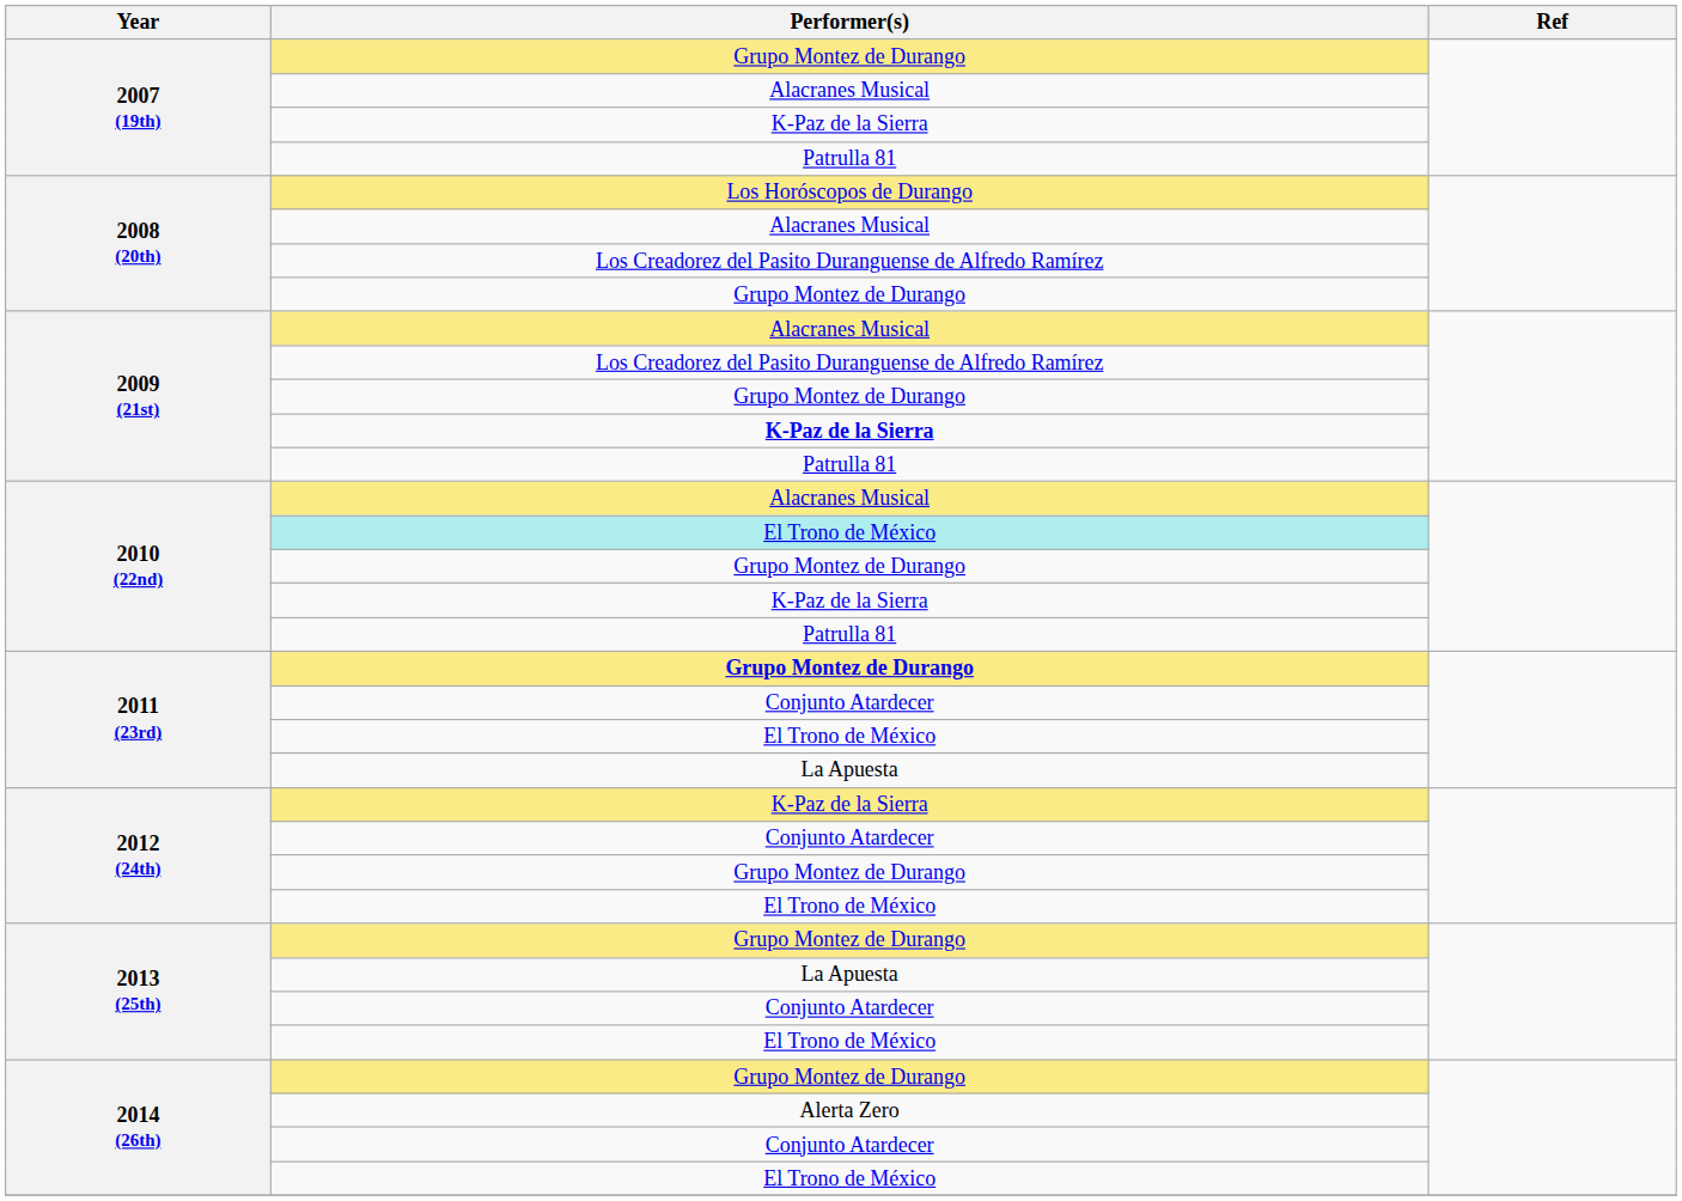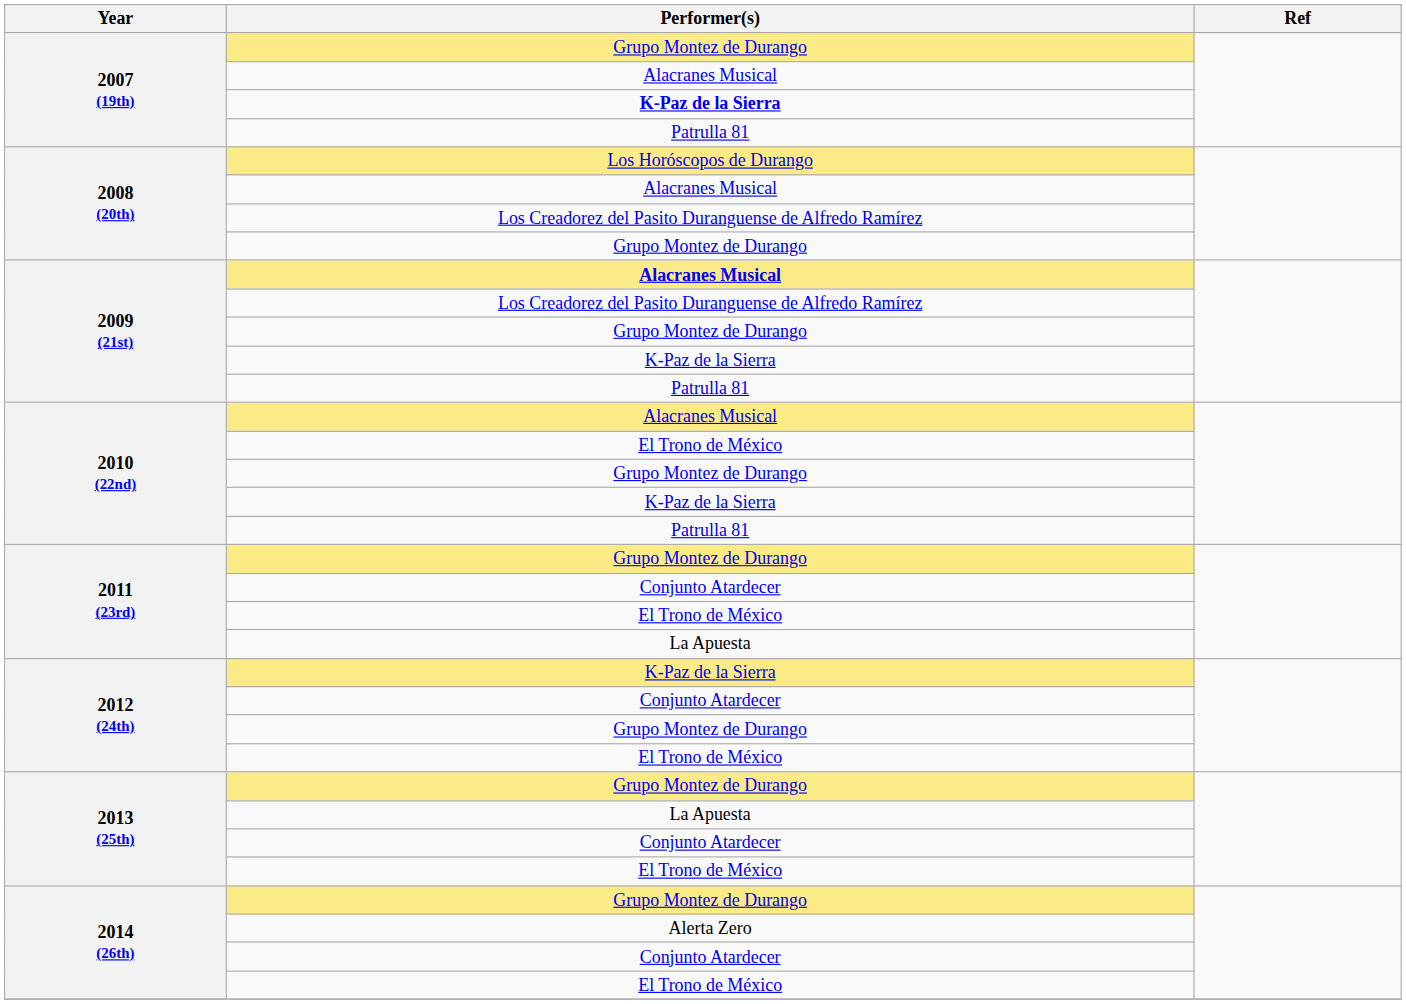 <table class="wikitable sortable plainrowheaders" style="text-align:center;">
 <tr style="background:#bebebe;">
 <th scope="col" style="width:1%;">Year</th>
 <th scope="col" style="width:5%;">Performer(s)</th>
 <th scope="col" style="width:1%;" class="unsortable">Ref</th>
 </tr>
 <tr>
 <th scope="row" rowspan=4 style="text-align:center">2007 <br><small><a href='#'>(19th)</a></small></th>
 <td style="background:#FAEB86"><a href='#'>Grupo Montez de Durango</a></td>
 <td rowspan=4></td>
 </tr>
 <tr>
 <td><a href='#'>Alacranes Musical</a></td>
 </tr>
 <tr>
-<td><a href='#'>K-Paz de la Sierra</a></td>
+<td><strong><a href='#'>K-Paz de la Sierra</a></strong></td>
 </tr>
 <tr>
 <td><a href='#'>Patrulla 81</a></td>
 </tr>
 <tr>
 <th scope="row" rowspan=4 style="text-align:center">2008 <br><small><a href='#'>(20th)</a></small></th>
 <td style="background:#FAEB86"><a href='#'>Los Horóscopos de Durango</a></td>
 <td rowspan=4></td>
 </tr>
 <tr>
 <td><a href='#'>Alacranes Musical</a></td>
 </tr>
 <tr>
 <td><a href='#'>Los Creadorez del Pasito Duranguense de Alfredo Ramírez</a></td>
 </tr>
 <tr>
 <td><a href='#'>Grupo Montez de Durango</a></td>
 </tr>
 <tr>
 <th scope="row" rowspan=5 style="text-align:center">2009 <br><small><a href='#'>(21st)</a></small></th>
-<td style="background:#FAEB86"><a href='#'>Alacranes Musical</a></td>
+<td style="background:#FAEB86"><strong><a href='#'>Alacranes Musical</a></strong></td>
 <td rowspan=5></td>
 </tr>
 <tr>
 <td><a href='#'>Los Creadorez del Pasito Duranguense de Alfredo Ramírez</a></td>
 </tr>
 <tr>
 <td><a href='#'>Grupo Montez de Durango</a></td>
 </tr>
 <tr>
-<td><strong><a href='#'>K-Paz de la Sierra</a></strong></td>
+<td><a href='#'>K-Paz de la Sierra</a></td>
 </tr>
 <tr>
 <td><a href='#'>Patrulla 81</a></td>
 </tr>
 <tr>
 <th scope="row" rowspan=5 style="text-align:center">2010 <br><small><a href='#'>(22nd)</a></small></th>
 <td style="background:#FAEB86"><a href='#'>Alacranes Musical</a></td>
 <td rowspan=5></td>
 </tr>
 <tr>
-<td style="background: paleturquoise;"><a href='#'>El Trono de México</a></td>
+<td><a href='#'>El Trono de México</a></td>
 </tr>
 <tr>
 <td><a href='#'>Grupo Montez de Durango</a></td>
 </tr>
 <tr>
 <td><a href='#'>K-Paz de la Sierra</a></td>
 </tr>
 <tr>
 <td><a href='#'>Patrulla 81</a></td>
 </tr>
 <tr>
 <th scope="row" rowspan=4 style="text-align:center">2011 <br><small><a href='#'>(23rd)</a></small></th>
-<td style="background:#FAEB86"><strong><a href='#'>Grupo Montez de Durango</a></strong></td>
+<td style="background:#FAEB86"><a href='#'>Grupo Montez de Durango</a></td>
 <td rowspan=4></td>
 </tr>
 <tr>
 <td><a href='#'>Conjunto Atardecer</a></td>
 </tr>
 <tr>
 <td><a href='#'>El Trono de México</a></td>
 </tr>
 <tr>
 <td>La Apuesta</td>
 </tr>
 <tr>
 <th scope="row" rowspan=4 style="text-align:center">2012 <br><small><a href='#'>(24th)</a></small></th>
 <td style="background:#FAEB86"><a href='#'>K-Paz de la Sierra</a></td>
 <td rowspan=4></td>
 </tr>
 <tr>
 <td><a href='#'>Conjunto Atardecer</a></td>
 </tr>
 <tr>
 <td><a href='#'>Grupo Montez de Durango</a></td>
 </tr>
 <tr>
 <td><a href='#'>El Trono de México</a></td>
 </tr>
 <tr>
 <th scope="row" rowspan=4 style="text-align:center">2013 <br><small><a href='#'>(25th)</a></small></th>
 <td style="background:#FAEB86"><a href='#'>Grupo Montez de Durango</a></td>
 <td rowspan=4></td>
 </tr>
 <tr>
 <td>La Apuesta</td>
 </tr>
 <tr>
 <td><a href='#'>Conjunto Atardecer</a></td>
 </tr>
 <tr>
 <td><a href='#'>El Trono de México</a></td>
 </tr>
 <tr>
 <th scope="row" rowspan=4 style="text-align:center">2014 <br><small><a href='#'>(26th)</a></small></th>
 <td style="background:#FAEB86"><a href='#'>Grupo Montez de Durango</a></td>
 <td rowspan=4></td>
 </tr>
 <tr>
 <td>Alerta Zero</td>
 </tr>
 <tr>
 <td><a href='#'>Conjunto Atardecer</a></td>
 </tr>
 <tr>
 <td><a href='#'>El Trono de México</a></td>
 </tr>
 <tr>
 </tr>
 </table>
